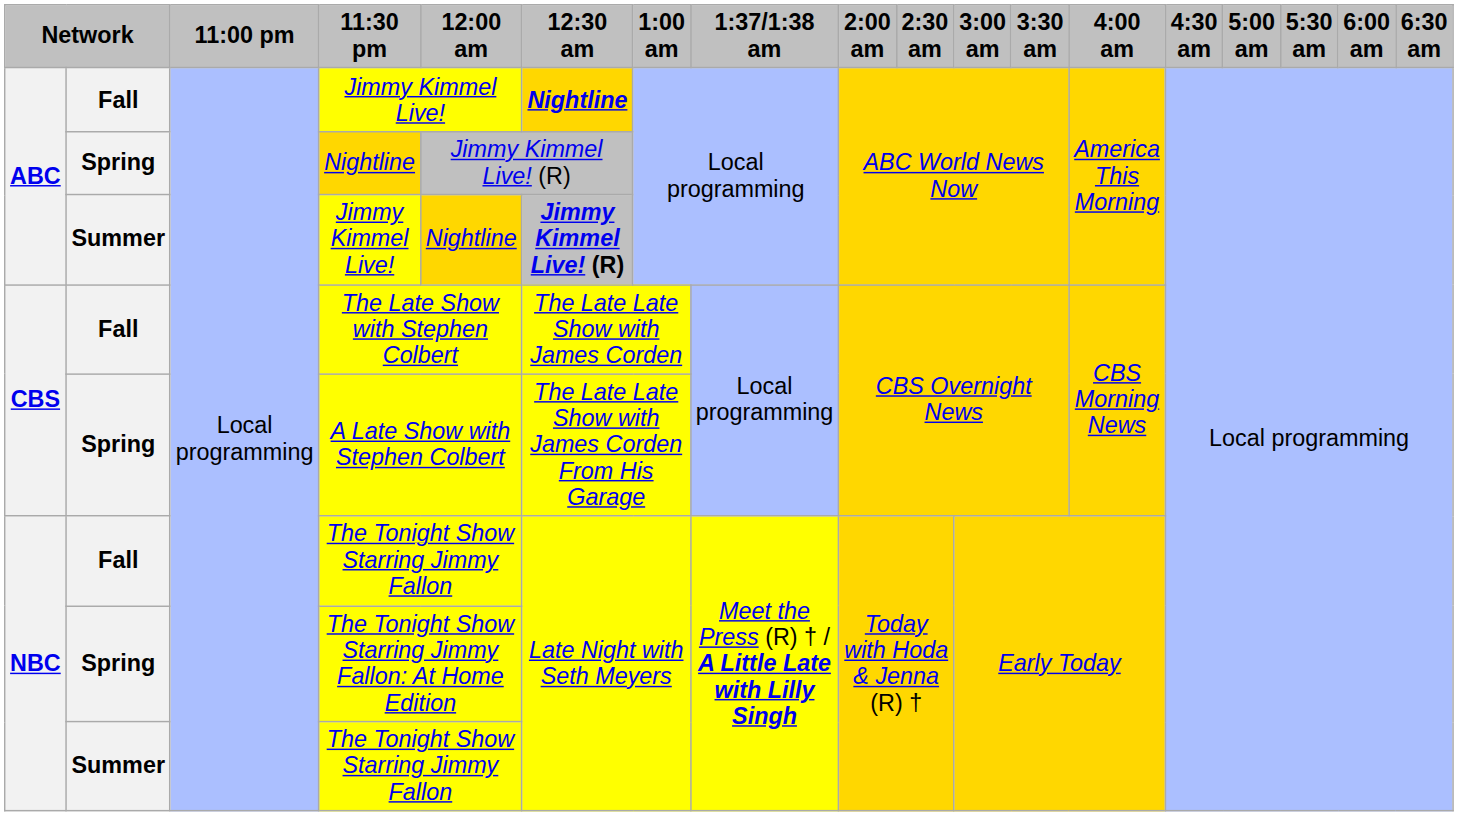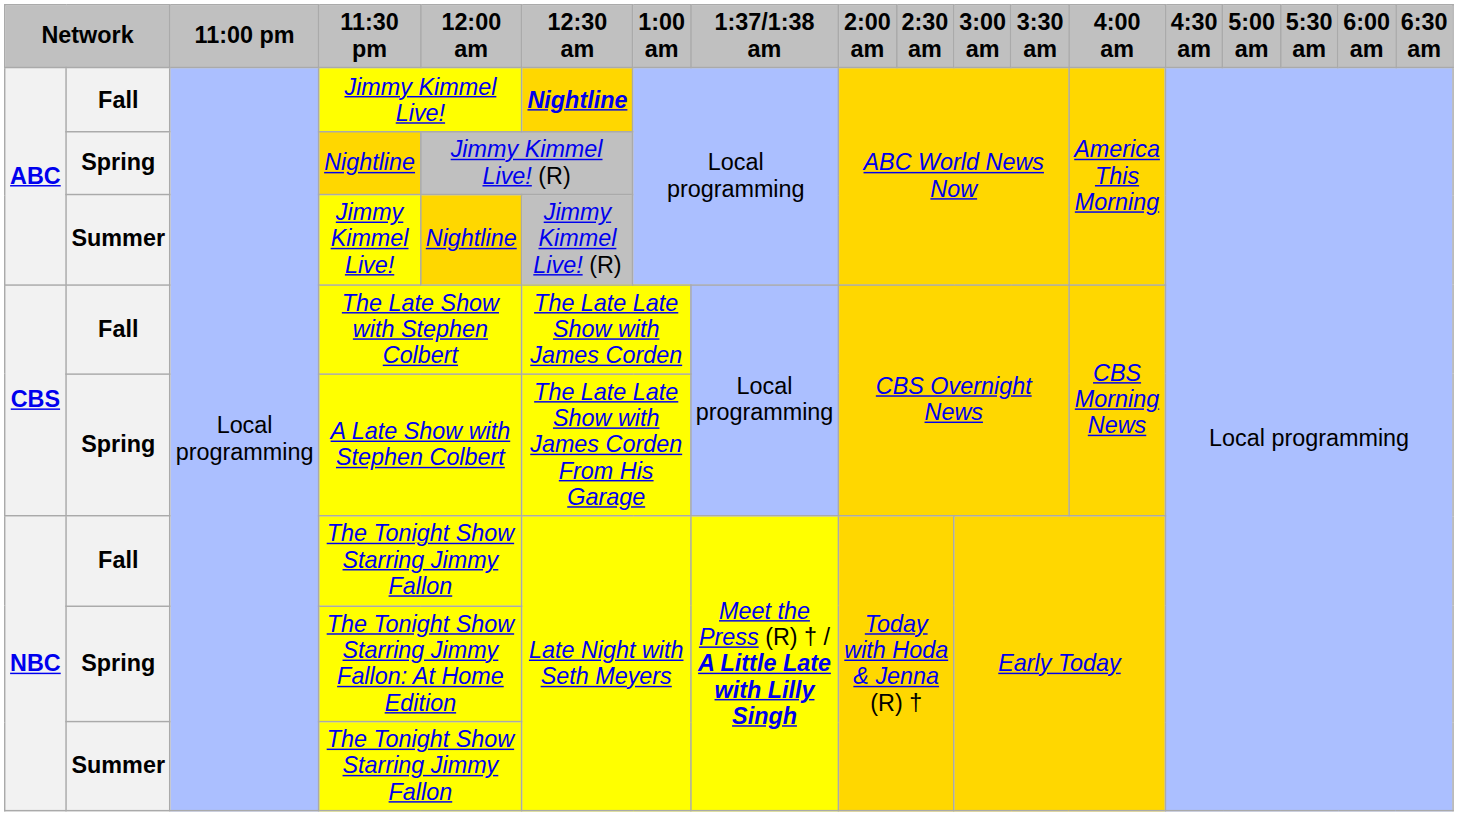 <table class="wikitable" style="width:100%;margin-right:0;text-align:center">
 <tr>
 <th colspan="2" style="background-color:#C0C0C0;text-align:center">Network</th>
 <th style="background-color:#C0C0C0;text-align:center">11:00 pm</th>
 <th style="background-color:#C0C0C0;text-align:center">11:30 pm</th>
 <th style="background-color:#C0C0C0;text-align:center">12:00 am</th>
 <th style="background-color:#C0C0C0;text-align:center">12:30 am</th>
 <th style="background-color:#C0C0C0;text-align:center">1:00 am</th>
 <th style="background-color:#C0C0C0;text-align:center">1:37/1:38 am</th>
 <th style="background-color:#C0C0C0;text-align:center">2:00 am</th>
 <th style="background-color:#C0C0C0;text-align:center">2:30 am</th>
 <th style="background-color:#C0C0C0;text-align:center">3:00 am</th>
 <th style="background-color:#C0C0C0;text-align:center">3:30 am</th>
 <th style="background-color:#C0C0C0;text-align:center">4:00 am</th>
 <th style="background-color:#C0C0C0;text-align:center">4:30 am</th>
 <th style="background-color:#C0C0C0;text-align:center">5:00 am</th>
 <th style="background-color:#C0C0C0;text-align:center">5:30 am</th>
 <th style="background-color:#C0C0C0;text-align:center">6:00 am</th>
 <th style="background-color:#C0C0C0;text-align:center">6:30 am</th>
 </tr>
 <tr>
 <th colspan="1" rowspan="3"><a href='#'>ABC</a></th>
 <th>Fall</th>
 <td colspan="1" rowspan="8" style="background:#abbfff">Local programming</td>
 <td colspan="2" style="background:yellow"><em><a href='#'>Jimmy Kimmel Live!</a></em> </td>
 <td colspan="1" style="background:gold"><strong><em><a href='#'>Nightline</a></em> </strong></td>
 <td colspan="2" rowspan="3" style="background:#abbfff">Local programming</td>
 <td colspan="4" rowspan="3" style="background:gold"><em><a href='#'>ABC World News Now</a></em></td>
 <td colspan="1" rowspan="3" style="background:gold"><em><a href='#'>America This Morning</a></em></td>
 <td colspan="5" rowspan="8" style="background:#abbfff">Local programming</td>
 </tr>
 <tr>
 <th>Spring</th>
 <td colspan="1" style="background:gold"><em><a href='#'>Nightline</a></em> </td>
 <td colspan="2" style="background:#C0C0C0"><em><a href='#'>Jimmy Kimmel Live!</a></em> (R) </td>
 </tr>
 <tr>
 <th>Summer</th>
 <td colspan="1"  style="background:yellow"><em><a href='#'>Jimmy Kimmel Live!</a></em> </td>
 <td colspan="1" style="background:gold"><em><a href='#'>Nightline</a></em> </td>
-<td colspan="1"  style="background:#C0C0C0"><strong><em><a href='#'>Jimmy Kimmel Live!</a></em> (R) </strong></td>
+<td colspan="1"  style="background:#C0C0C0"><em><a href='#'>Jimmy Kimmel Live!</a></em> (R) </td>
 </tr>
 <tr>
 <th rowspan="2"><a href='#'>CBS</a></th>
 <th>Fall</th>
 <td colspan="2" style="background:yellow"><em><a href='#'>The Late Show with Stephen Colbert</a></em> </td>
 <td colspan="2" style="background:yellow"><em><a href='#'>The Late Late Show with James Corden</a></em> </td>
 <td colspan="1" rowspan="2" style="background:#abbfff">Local programming</td>
 <td colspan="4" rowspan="2" style="background:gold"><em><a href='#'>CBS Overnight News</a></em></td>
 <td colspan="1" rowspan="2" style="background:gold"><em><a href='#'>CBS Morning News</a></em></td>
 </tr>
 <tr>
 <th>Spring</th>
 <td colspan="2" style="background:yellow"><em><a href='#'>A Late Show with Stephen Colbert</a></em> </td>
 <td colspan="2" style="background:yellow"><em><a href='#'>The Late Late Show with James Corden From His Garage</a></em> </td>
 </tr>
 <tr>
 <th colspan="1" rowspan="3"><a href='#'>NBC</a></th>
 <th>Fall</th>
 <td colspan="2" rowspan="1" style="background:yellow"><em><a href='#'>The Tonight Show Starring Jimmy Fallon</a></em> </td>
 <td colspan="2" rowspan="3" style="background:yellow"><em><a href='#'>Late Night with Seth Meyers</a></em> </td>
 <td colspan="1" rowspan="3" style="background:yellow"><em><a href='#'>Meet the Press</a></em> (R) † /<br><strong><em><a href='#'>A Little Late with Lilly Singh</a></em></strong> </td>
 <td colspan="2" rowspan="3" style="background:gold"><em><a href='#'>Today with Hoda & Jenna</a></em> (R) †</td>
 <td colspan="3" rowspan="3" style="background:gold"><em><a href='#'>Early Today</a></em></td>
 </tr>
 <tr>
 <th>Spring</th>
 <td colspan="2" rowspan="1" style="background:yellow"><em><a href='#'>The Tonight Show Starring Jimmy Fallon: At Home Edition</a></em> </td>
 </tr>
 <tr>
 <th>Summer</th>
 <td colspan="2" rowspan="1" style="background:yellow"><em><a href='#'>The Tonight Show Starring Jimmy Fallon</a></em> </td>
 </tr>
 </table>
